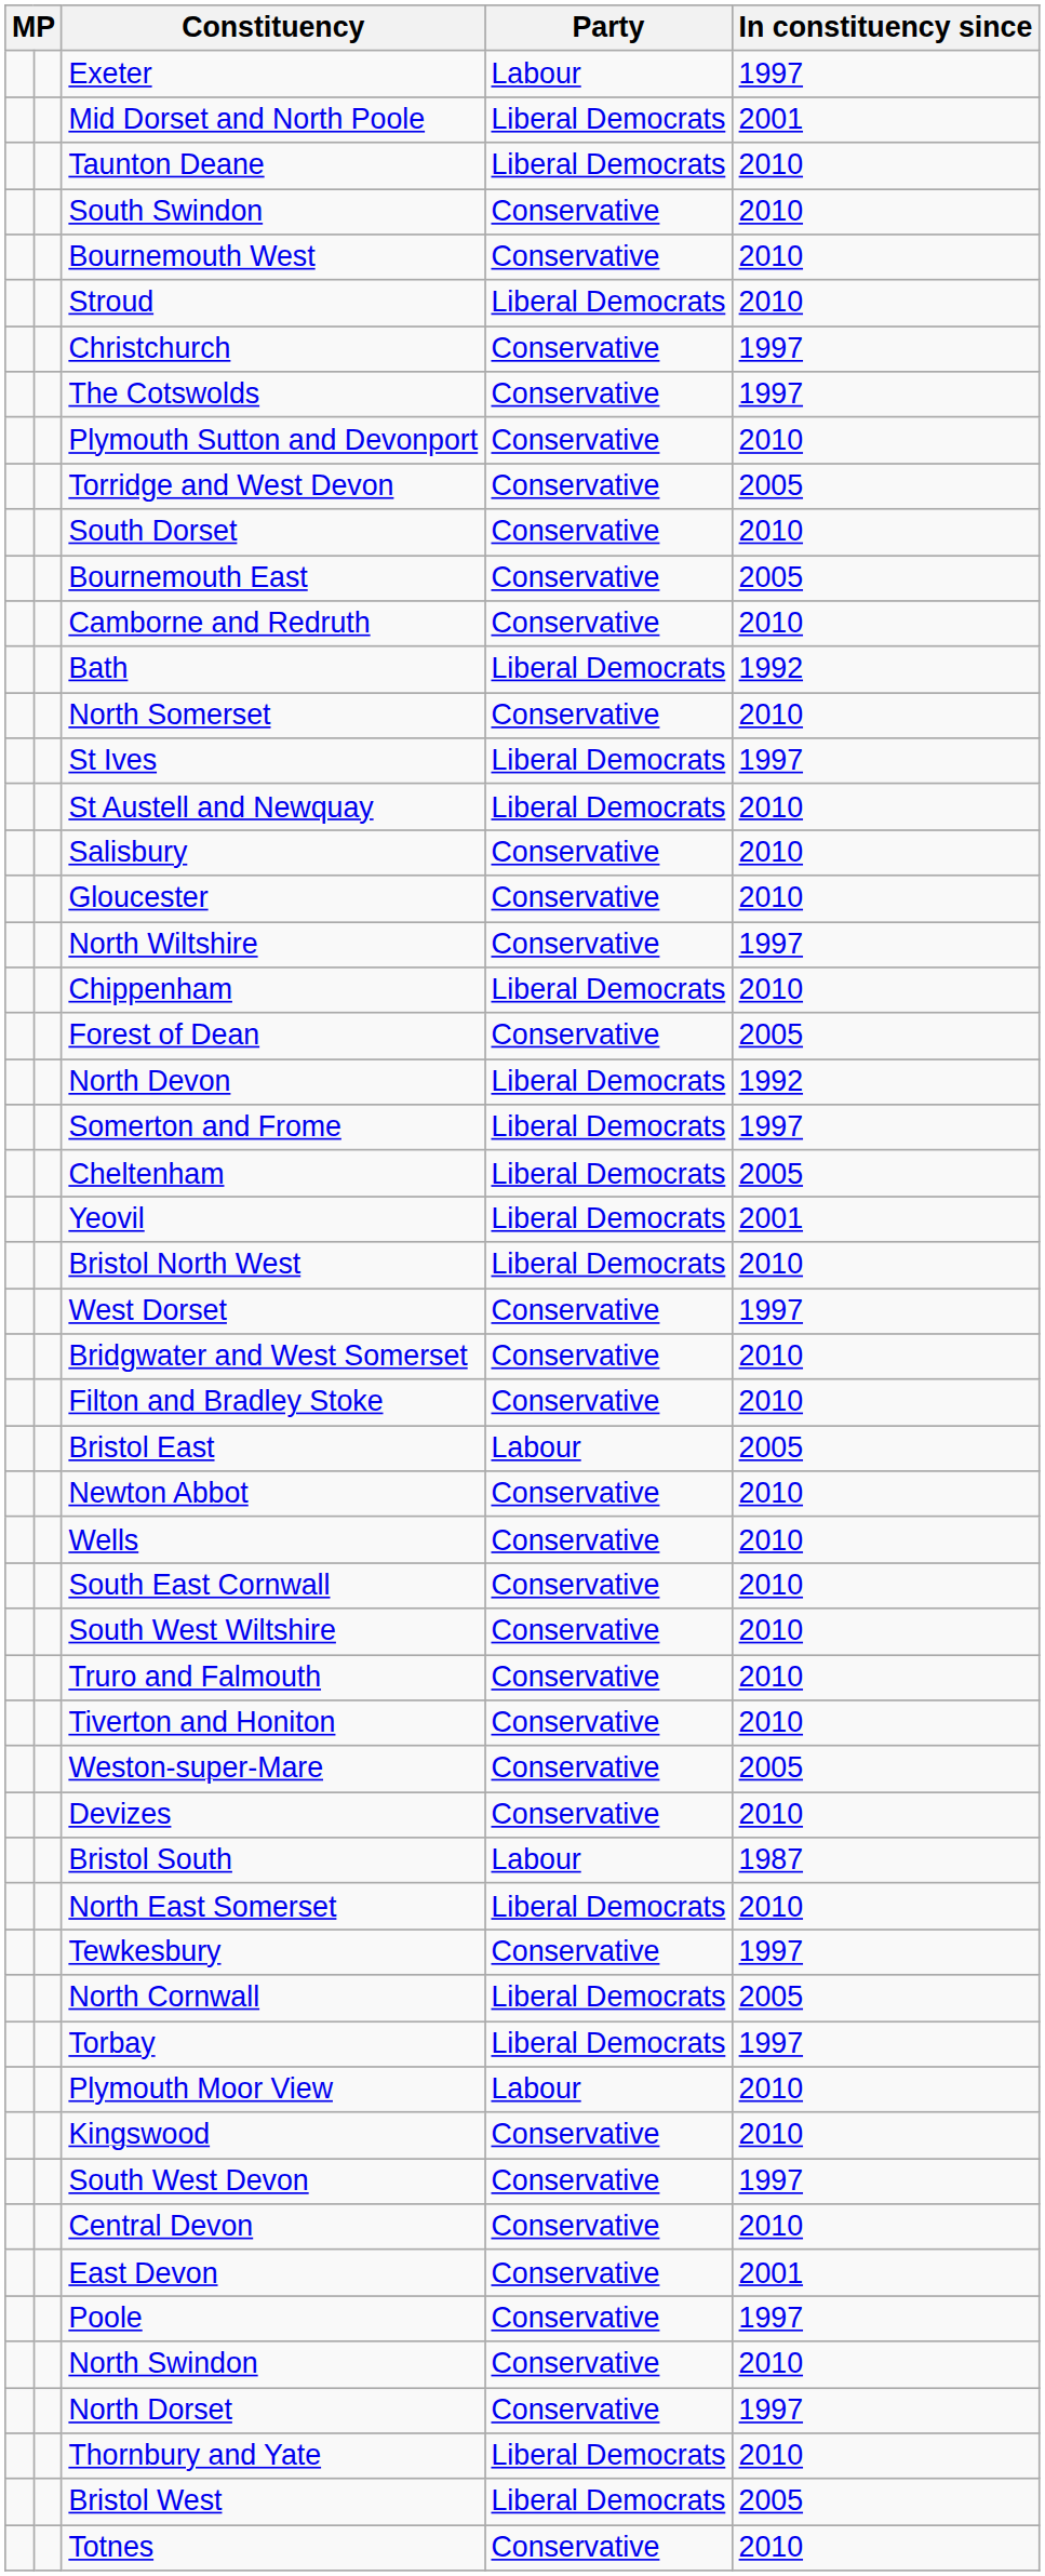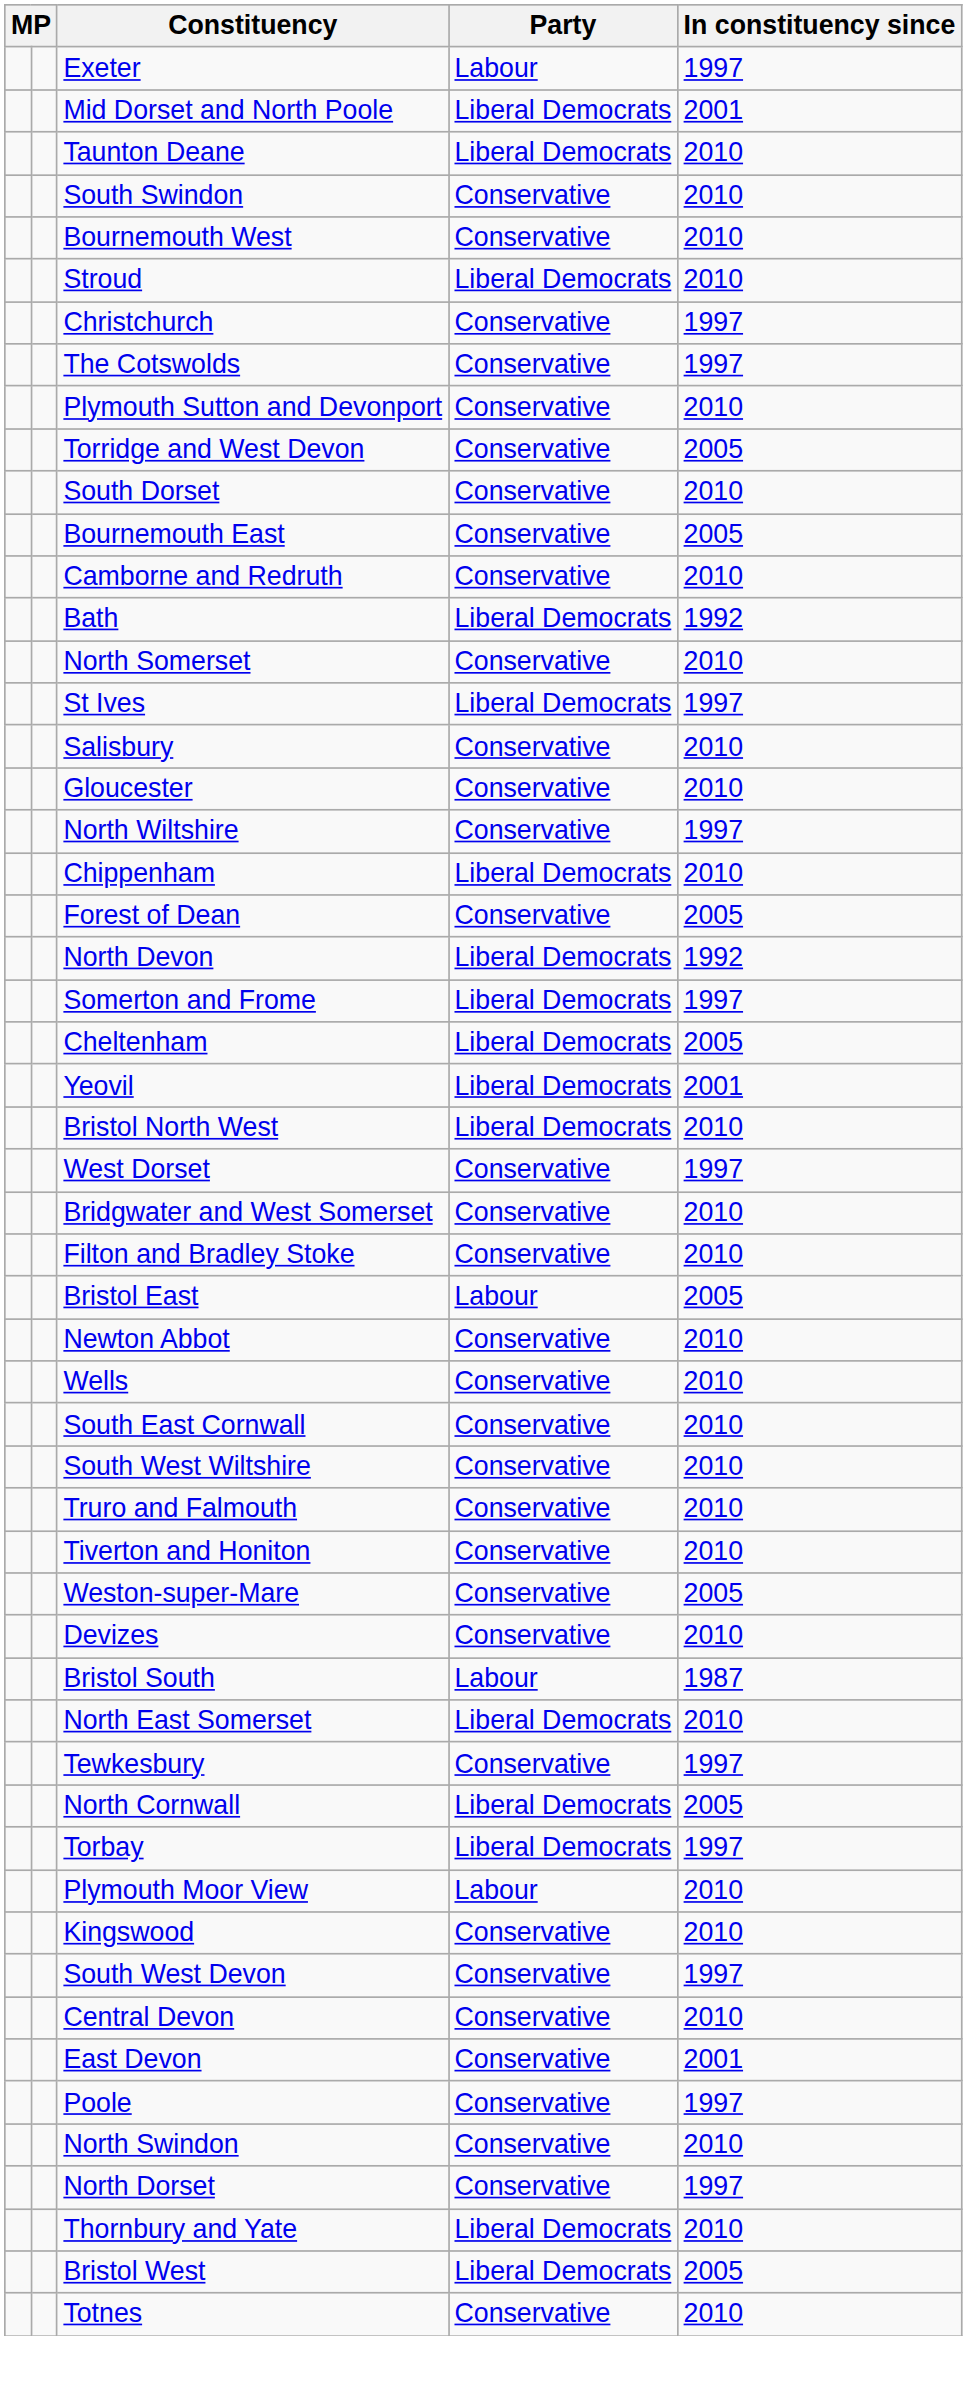 <table class="wikitable sortable">
 <tr>
 <th colspan=2>MP</th>
 <th>Constituency</th>
 <th>Party</th>
 <th>In constituency since</th>
 </tr>
 <tr>
 <td style="color:inherit;background-color: "></td>
 <td></td>
 <td><a href='#'>Exeter</a></td>
 <td><a href='#'>Labour</a></td>
 <td><a href='#'>1997</a></td>
 </tr>
 <tr>
 <td style="color:inherit;background-color: "></td>
 <td></td>
 <td><a href='#'>Mid Dorset and North Poole</a></td>
 <td><a href='#'>Liberal Democrats</a></td>
 <td><a href='#'>2001</a></td>
 </tr>
 <tr>
 <td style="color:inherit;background-color: "></td>
 <td></td>
 <td><a href='#'>Taunton Deane</a></td>
 <td><a href='#'>Liberal Democrats</a></td>
 <td><a href='#'>2010</a></td>
 </tr>
 <tr>
 <td style="color:inherit;background-color: "></td>
 <td></td>
 <td><a href='#'>South Swindon</a></td>
 <td><a href='#'>Conservative</a></td>
 <td><a href='#'>2010</a></td>
 </tr>
 <tr>
 <td style="color:inherit;background-color: "></td>
 <td></td>
 <td><a href='#'>Bournemouth West</a></td>
 <td><a href='#'>Conservative</a></td>
 <td><a href='#'>2010</a></td>
 </tr>
 <tr>
 <td style="color:inherit;background-color: "></td>
 <td></td>
 <td><a href='#'>Stroud</a></td>
 <td><a href='#'>Liberal Democrats</a></td>
 <td><a href='#'>2010</a></td>
 </tr>
 <tr>
 <td style="color:inherit;background-color: "></td>
 <td></td>
 <td><a href='#'>Christchurch</a></td>
 <td><a href='#'>Conservative</a></td>
 <td><a href='#'>1997</a></td>
 </tr>
 <tr>
 <td style="color:inherit;background-color: "></td>
 <td></td>
 <td><a href='#'>The Cotswolds</a></td>
 <td><a href='#'>Conservative</a></td>
 <td><a href='#'>1997</a></td>
 </tr>
 <tr>
 <td style="color:inherit;background-color: "></td>
 <td></td>
 <td><a href='#'>Plymouth Sutton and Devonport</a></td>
 <td><a href='#'>Conservative</a></td>
 <td><a href='#'>2010</a></td>
 </tr>
 <tr>
 <td style="color:inherit;background-color: "></td>
 <td></td>
 <td><a href='#'>Torridge and West Devon</a></td>
 <td><a href='#'>Conservative</a></td>
 <td><a href='#'>2005</a></td>
 </tr>
 <tr>
 <td style="color:inherit;background-color: "></td>
 <td></td>
 <td><a href='#'>South Dorset</a></td>
 <td><a href='#'>Conservative</a></td>
 <td><a href='#'>2010</a></td>
 </tr>
 <tr>
 <td style="color:inherit;background-color: "></td>
 <td></td>
 <td><a href='#'>Bournemouth East</a></td>
 <td><a href='#'>Conservative</a></td>
 <td><a href='#'>2005</a></td>
 </tr>
 <tr>
 <td style="color:inherit;background-color: "></td>
 <td></td>
 <td><a href='#'>Camborne and Redruth</a></td>
 <td><a href='#'>Conservative</a></td>
 <td><a href='#'>2010</a></td>
 </tr>
 <tr>
 <td style="color:inherit;background-color: "></td>
 <td></td>
 <td><a href='#'>Bath</a></td>
 <td><a href='#'>Liberal Democrats</a></td>
 <td><a href='#'>1992</a></td>
 </tr>
 <tr>
 <td style="color:inherit;background-color: "></td>
 <td></td>
 <td><a href='#'>North Somerset</a></td>
 <td><a href='#'>Conservative</a></td>
 <td><a href='#'>2010</a></td>
 </tr>
 <tr>
 <td style="color:inherit;background-color: "></td>
 <td></td>
 <td><a href='#'>St Ives</a></td>
 <td><a href='#'>Liberal Democrats</a></td>
 <td><a href='#'>1997</a></td>
-</tr>
-<tr>
-<td style="color:inherit;background-color: "></td>
-<td></td>
-<td><a href='#'>St Austell and Newquay</a></td>
-<td><a href='#'>Liberal Democrats</a></td>
-<td><a href='#'>2010</a></td>
 </tr>
 <tr>
 <td style="color:inherit;background-color: "></td>
 <td></td>
 <td><a href='#'>Salisbury</a></td>
 <td><a href='#'>Conservative</a></td>
 <td><a href='#'>2010</a></td>
 </tr>
 <tr>
 <td style="color:inherit;background-color: "></td>
 <td></td>
 <td><a href='#'>Gloucester</a></td>
 <td><a href='#'>Conservative</a></td>
 <td><a href='#'>2010</a></td>
 </tr>
 <tr>
 <td style="color:inherit;background-color: "></td>
 <td></td>
 <td><a href='#'>North Wiltshire</a></td>
 <td><a href='#'>Conservative</a></td>
 <td><a href='#'>1997</a></td>
 </tr>
 <tr>
 <td style="color:inherit;background-color: "></td>
 <td></td>
 <td><a href='#'>Chippenham</a></td>
 <td><a href='#'>Liberal Democrats</a></td>
 <td><a href='#'>2010</a></td>
 </tr>
 <tr>
 <td style="color:inherit;background-color: "></td>
 <td></td>
 <td><a href='#'>Forest of Dean</a></td>
 <td><a href='#'>Conservative</a></td>
 <td><a href='#'>2005</a></td>
 </tr>
 <tr>
 <td style="color:inherit;background-color: "></td>
 <td></td>
 <td><a href='#'>North Devon</a></td>
 <td><a href='#'>Liberal Democrats</a></td>
 <td><a href='#'>1992</a></td>
 </tr>
 <tr>
 <td style="color:inherit;background-color: "></td>
 <td></td>
 <td><a href='#'>Somerton and Frome</a></td>
 <td><a href='#'>Liberal Democrats</a></td>
 <td><a href='#'>1997</a></td>
 </tr>
 <tr>
 <td style="color:inherit;background-color: "></td>
 <td></td>
 <td><a href='#'>Cheltenham</a></td>
 <td><a href='#'>Liberal Democrats</a></td>
 <td><a href='#'>2005</a></td>
 </tr>
 <tr>
 <td style="color:inherit;background-color: "></td>
 <td></td>
 <td><a href='#'>Yeovil</a></td>
 <td><a href='#'>Liberal Democrats</a></td>
 <td><a href='#'>2001</a></td>
 </tr>
 <tr>
 <td style="color:inherit;background-color: "></td>
 <td></td>
 <td><a href='#'>Bristol North West</a></td>
 <td><a href='#'>Liberal Democrats</a></td>
 <td><a href='#'>2010</a></td>
 </tr>
 <tr>
 <td style="color:inherit;background-color: "></td>
 <td></td>
 <td><a href='#'>West Dorset</a></td>
 <td><a href='#'>Conservative</a></td>
 <td><a href='#'>1997</a></td>
 </tr>
 <tr>
 <td style="color:inherit;background-color: "></td>
 <td></td>
 <td><a href='#'>Bridgwater and West Somerset</a></td>
 <td><a href='#'>Conservative</a></td>
 <td><a href='#'>2010</a></td>
 </tr>
 <tr>
 <td style="color:inherit;background-color: "></td>
 <td></td>
 <td><a href='#'>Filton and Bradley Stoke</a></td>
 <td><a href='#'>Conservative</a></td>
 <td><a href='#'>2010</a></td>
 </tr>
 <tr>
 <td style="color:inherit;background-color: "></td>
 <td></td>
 <td><a href='#'>Bristol East</a></td>
 <td><a href='#'>Labour</a></td>
 <td><a href='#'>2005</a></td>
 </tr>
 <tr>
 <td style="color:inherit;background-color: "></td>
 <td></td>
 <td><a href='#'>Newton Abbot</a></td>
 <td><a href='#'>Conservative</a></td>
 <td><a href='#'>2010</a></td>
 </tr>
 <tr>
 <td style="color:inherit;background-color: "></td>
 <td></td>
 <td><a href='#'>Wells</a></td>
 <td><a href='#'>Conservative</a></td>
 <td><a href='#'>2010</a></td>
 </tr>
 <tr>
 <td style="color:inherit;background-color: "></td>
 <td></td>
 <td><a href='#'>South East Cornwall</a></td>
 <td><a href='#'>Conservative</a></td>
 <td><a href='#'>2010</a></td>
 </tr>
 <tr>
 <td style="color:inherit;background-color: "></td>
 <td></td>
 <td><a href='#'>South West Wiltshire</a></td>
 <td><a href='#'>Conservative</a></td>
 <td><a href='#'>2010</a></td>
 </tr>
 <tr>
 <td style="color:inherit;background-color: "></td>
 <td></td>
 <td><a href='#'>Truro and Falmouth</a></td>
 <td><a href='#'>Conservative</a></td>
 <td><a href='#'>2010</a></td>
 </tr>
 <tr>
 <td style="color:inherit;background-color: "></td>
 <td></td>
 <td><a href='#'>Tiverton and Honiton</a></td>
 <td><a href='#'>Conservative</a></td>
 <td><a href='#'>2010</a></td>
 </tr>
 <tr>
 <td style="color:inherit;background-color: "></td>
 <td></td>
 <td><a href='#'>Weston-super-Mare</a></td>
 <td><a href='#'>Conservative</a></td>
 <td><a href='#'>2005</a></td>
 </tr>
 <tr>
 <td style="color:inherit;background-color: "></td>
 <td></td>
 <td><a href='#'>Devizes</a></td>
 <td><a href='#'>Conservative</a></td>
 <td><a href='#'>2010</a></td>
 </tr>
 <tr>
 <td style="color:inherit;background-color: "></td>
 <td></td>
 <td><a href='#'>Bristol South</a></td>
 <td><a href='#'>Labour</a></td>
 <td><a href='#'>1987</a></td>
 </tr>
 <tr>
 <td style="color:inherit;background-color: "></td>
 <td></td>
 <td><a href='#'>North East Somerset</a></td>
 <td><a href='#'>Liberal Democrats</a></td>
 <td><a href='#'>2010</a></td>
 </tr>
 <tr>
 <td style="color:inherit;background-color: "></td>
 <td></td>
 <td><a href='#'>Tewkesbury</a></td>
 <td><a href='#'>Conservative</a></td>
 <td><a href='#'>1997</a></td>
 </tr>
 <tr>
 <td style="color:inherit;background-color: "></td>
 <td></td>
 <td><a href='#'>North Cornwall</a></td>
 <td><a href='#'>Liberal Democrats</a></td>
 <td><a href='#'>2005</a></td>
 </tr>
 <tr>
 <td style="color:inherit;background-color: "></td>
 <td></td>
 <td><a href='#'>Torbay</a></td>
 <td><a href='#'>Liberal Democrats</a></td>
 <td><a href='#'>1997</a></td>
 </tr>
 <tr>
 <td style="color:inherit;background-color: "></td>
 <td></td>
 <td><a href='#'>Plymouth Moor View</a></td>
 <td><a href='#'>Labour</a></td>
 <td><a href='#'>2010</a></td>
 </tr>
 <tr>
 <td style="color:inherit;background-color: "></td>
 <td></td>
 <td><a href='#'>Kingswood</a></td>
 <td><a href='#'>Conservative</a></td>
 <td><a href='#'>2010</a></td>
 </tr>
 <tr>
 <td style="color:inherit;background-color: "></td>
 <td></td>
 <td><a href='#'>South West Devon</a></td>
 <td><a href='#'>Conservative</a></td>
 <td><a href='#'>1997</a></td>
 </tr>
 <tr>
 <td style="color:inherit;background-color: "></td>
 <td></td>
 <td><a href='#'>Central Devon</a></td>
 <td><a href='#'>Conservative</a></td>
 <td><a href='#'>2010</a></td>
 </tr>
 <tr>
 <td style="color:inherit;background-color: "></td>
 <td></td>
 <td><a href='#'>East Devon</a></td>
 <td><a href='#'>Conservative</a></td>
 <td><a href='#'>2001</a></td>
 </tr>
 <tr>
 <td style="color:inherit;background-color: "></td>
 <td></td>
 <td><a href='#'>Poole</a></td>
 <td><a href='#'>Conservative</a></td>
 <td><a href='#'>1997</a></td>
 </tr>
 <tr>
 <td style="color:inherit;background-color: "></td>
 <td></td>
 <td><a href='#'>North Swindon</a></td>
 <td><a href='#'>Conservative</a></td>
 <td><a href='#'>2010</a></td>
 </tr>
 <tr>
 <td style="color:inherit;background-color: "></td>
 <td></td>
 <td><a href='#'>North Dorset</a></td>
 <td><a href='#'>Conservative</a></td>
 <td><a href='#'>1997</a></td>
 </tr>
 <tr>
 <td style="color:inherit;background-color: "></td>
 <td></td>
 <td><a href='#'>Thornbury and Yate</a></td>
 <td><a href='#'>Liberal Democrats</a></td>
 <td><a href='#'>2010</a></td>
 </tr>
 <tr>
 <td style="color:inherit;background-color: "></td>
 <td></td>
 <td><a href='#'>Bristol West</a></td>
 <td><a href='#'>Liberal Democrats</a></td>
 <td><a href='#'>2005</a></td>
 </tr>
 <tr>
 <td style="color:inherit;background-color: "></td>
 <td></td>
 <td><a href='#'>Totnes</a></td>
 <td><a href='#'>Conservative</a></td>
 <td><a href='#'>2010</a></td>
 </tr>
 </table>
